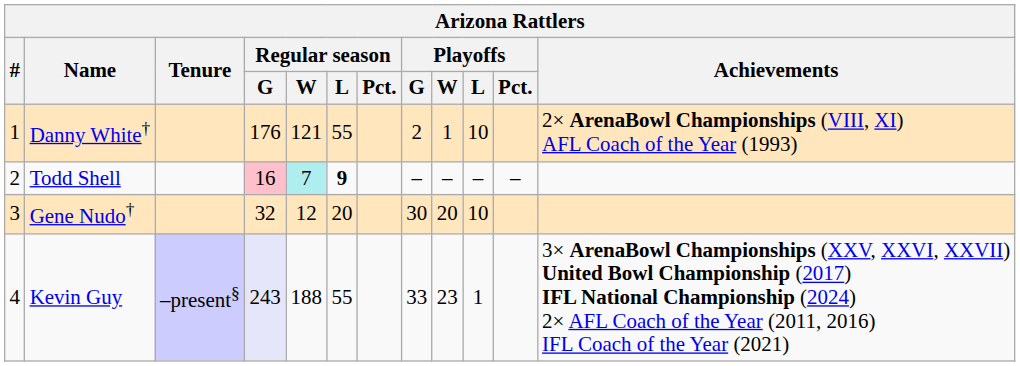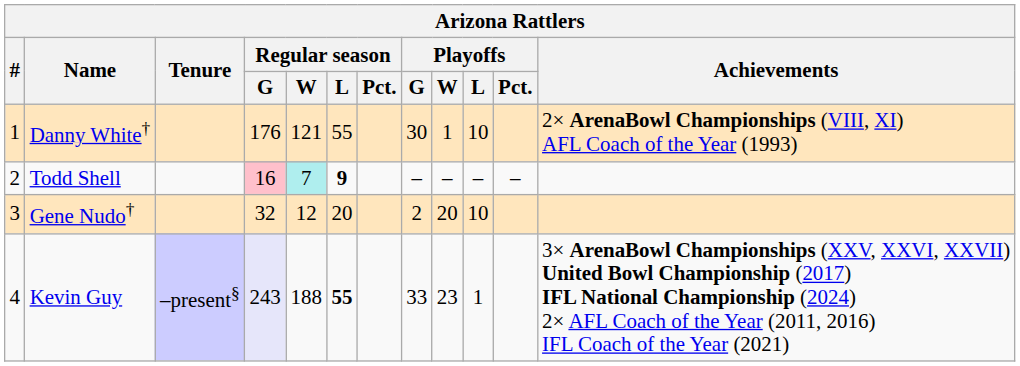 <table class="wikitable" style="text-align:center;">
 <tr>
 <th align="center" colspan="19">Arizona Rattlers</th>
 </tr>
 <tr>
 <th rowspan="2">#</th>
 <th rowspan="2">Name</th>
 <th rowspan="2">Tenure</th>
 <th colspan="4">Regular season</th>
 <th colspan="4">Playoffs</th>
 <th rowspan="2">Achievements</th>
 </tr>
 <tr>
 <th>G</th>
 <th>W</th>
 <th>L</th>
 <th>Pct.</th>
 <th>G</th>
 <th>W</th>
 <th>L</th>
 <th>Pct.</th>
 </tr>
 <tr style="background-color:#FFE6BD">
 <td>1</td>
 <td align="left"><a href='#'>Danny White</a><sup>†</sup></td>
 <td align="left"></td>
 <td>176</td>
 <td>121</td>
 <td>55</td>
 <td></td>
-<td>2</td>
+<td>30</td>
 <td>1</td>
 <td>10</td>
 <td></td>
 <td align="left">2× <strong>ArenaBowl Championships</strong> (<a href='#'>VIII</a>, <a href='#'>XI</a>)<br><a href='#'>AFL Coach of the Year</a> (1993)</td>
 </tr>
 <tr>
 <td>2</td>
 <td align="left"><a href='#'>Todd Shell</a></td>
 <td align="left"></td>
 <td style="background: pink;">16</td>
 <td style="background: paleturquoise;">7</td>
 <td><strong>9</strong></td>
 <td></td>
 <td>–</td>
 <td>–</td>
 <td>–</td>
 <td>–</td>
 <td align="left"></td>
 </tr>
 <tr style="background-color:#FFE6BD">
 <td>3</td>
 <td align="left"><a href='#'>Gene Nudo</a><sup>†</sup></td>
 <td align="left"></td>
 <td>32</td>
 <td>12</td>
 <td>20</td>
 <td></td>
-<td>30</td>
+<td>2</td>
 <td>20</td>
 <td>10</td>
 <td></td>
 <td align="left"></td>
 </tr>
 <tr>
 <td>4</td>
 <td align="left"><a href='#'>Kevin Guy</a></td>
 <td align="left" style="background-color:#CCCCFF">–present<sup>§</sup></td>
 <td style="background: lavender;">243</td>
 <td>188</td>
-<td>55</td>
+<td><strong>55</strong></td>
 <td></td>
 <td>33</td>
 <td>23</td>
 <td>1</td>
 <td></td>
 <td align="left">3× <strong>ArenaBowl Championships</strong> (<a href='#'>XXV</a>, <a href='#'>XXVI</a>, <a href='#'>XXVII</a>)<br><strong>United Bowl Championship</strong> (<a href='#'>2017</a>)<br><strong>IFL National Championship</strong> (<a href='#'>2024</a>)<br>2× <a href='#'>AFL Coach of the Year</a> (2011, 2016)<br><a href='#'>IFL Coach of the Year</a> (2021)</td>
 </tr>
 </table>
